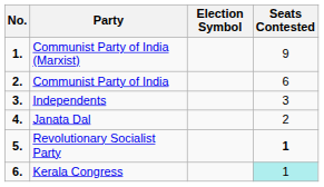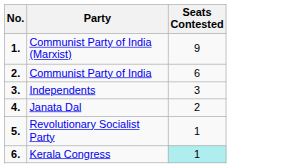 <table class="wikitable">
 <tr>
 <th scope="col" style="width:4px;">No.</th>
 <th scope="col" style="width:200px;">Party</th>
-<th scope="col" style="width:80px;">Election Symbol</th>
 <th scope="col" style="width:60px;">Seats Contested</th>
 </tr>
 <tr style="height: 45px;">
 <td style="text-align:center; background:"><strong>1.</strong></td>
 <td><a href='#'>Communist Party of India (Marxist)</a></td>
-<td></td>
 <td style="text-align:center;">9</td>
 </tr>
 <tr style="height: 4px;">
 <td style="text-align:center; background:"><strong>2.</strong></td>
 <td><a href='#'>Communist Party of India</a></td>
-<td></td>
 <td style="text-align:center;">6</td>
 </tr>
 <tr>
 <td style="text-align:center; background:"><strong>3.</strong></td>
 <td><a href='#'>Independents</a></td>
-<td style="text-align:center;"></td>
 <td style="text-align:center;">3</td>
 </tr>
 <tr>
 <td style="text-align:center; background:"><strong>4.</strong></td>
 <td><a href='#'>Janata Dal</a></td>
-<td style="text-align:center;"></td>
 <td style="text-align:center;">2</td>
 </tr>
 <tr>
 <td style="text-align:center; background:"><strong>5.</strong></td>
 <td><a href='#'>Revolutionary Socialist Party</a></td>
-<td style="text-align:center;"></td>
-<td style="text-align:center;"><strong>1</strong></td>
+<td style="text-align:center;">1</td>
 </tr>
 <tr style="height: 4px;">
 <td style="text-align:center; background:"><strong>6.</strong></td>
 <td><a href='#'>Kerala Congress</a></td>
-<td style="text-align:center;"></td>
 <td style="background: paleturquoise; text-align:center;">1</td>
 </tr>
 </table>
